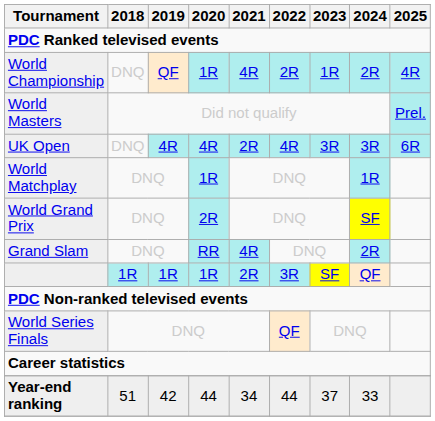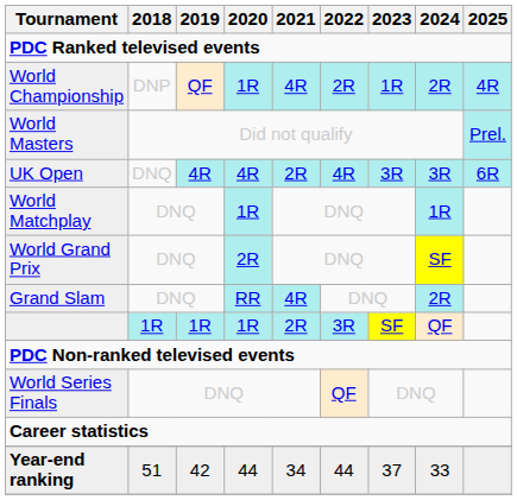 <table class="wikitable" style="width:20%; margin:0">
 <tr>
 <th>Tournament</th>
 <th>2018</th>
 <th>2019</th>
 <th>2020</th>
 <th>2021</th>
 <th>2022</th>
 <th>2023</th>
 <th>2024</th>
 <th>2025</th>
 </tr>
 <tr>
 <td colspan="32" align="left"><strong><a href='#'>PDC</a> Ranked televised events</strong></td>
 </tr>
 <tr>
 <td style="background:#efefef;"><a href='#'>World Championship</a></td>
-<td style="text-align:center; color:#ccc;">DNQ</td>
+<td style="text-align:center; color:#ccc;">DNP</td>
 <td style="text-align:center; background:#ffebcd;"><a href='#'>QF</a></td>
 <td style="text-align:center; background:#afeeee;"><a href='#'>1R</a></td>
 <td style="text-align:center; background:#afeeee;"><a href='#'>4R</a></td>
 <td style="text-align:center; background:#afeeee;"><a href='#'>2R</a></td>
 <td style="text-align:center; background:#afeeee;"><a href='#'>1R</a></td>
 <td style="text-align:center; background:#afeeee;"><a href='#'>2R</a></td>
 <td style="text-align:center; background:#afeeee;"><a href='#'>4R</a></td>
 </tr>
 <tr>
 <td style="background:#efefef;"><a href='#'>World Masters</a></td>
 <td colspan="7" style="text-align:center; color:#ccc;">Did not qualify</td>
 <td style="text-align:center; background:#afeeee;"><a href='#'>Prel.</a></td>
 </tr>
 <tr>
 <td style="background:#efefef;"><a href='#'>UK Open</a></td>
 <td style="text-align:center; color:#ccc;">DNQ</td>
 <td style="text-align:center; background:#afeeee;"><a href='#'>4R</a></td>
 <td style="text-align:center; background:#afeeee;"><a href='#'>4R</a></td>
 <td style="text-align:center; background:#afeeee;"><a href='#'>2R</a></td>
 <td style="text-align:center; background:#afeeee;"><a href='#'>4R</a></td>
 <td style="text-align:center; background:#afeeee;"><a href='#'>3R</a></td>
 <td style="text-align:center; background:#afeeee;"><a href='#'>3R</a></td>
 <td style="text-align:center;background:#afeeee;"><a href='#'>6R</a></td>
 </tr>
 <tr>
 <td style="background:#efefef;"><a href='#'>World Matchplay</a></td>
 <td colspan="2" style="text-align:center; color:#ccc;">DNQ</td>
 <td style="text-align:center; background:#afeeee;"><a href='#'>1R</a></td>
 <td colspan=3; style="text-align:center; color:#ccc;">DNQ</td>
 <td style="text-align:center; background:#afeeee;"><a href='#'>1R</a></td>
 <td></td>
 </tr>
 <tr>
 <td style="background:#efefef;"><a href='#'>World Grand Prix</a></td>
 <td colspan="2" style="text-align:center; color:#ccc;">DNQ</td>
 <td style="text-align:center; background:#afeeee;"><a href='#'>2R</a></td>
 <td colspan=3; style="text-align:center; color:#ccc;">DNQ</td>
 <td style="text-align:center; background:yellow;"><a href='#'>SF</a></td>
 <td></td>
 </tr>
 <tr>
 <td style="background:#efefef;"><a href='#'>Grand Slam</a></td>
 <td colspan="2" style="text-align:center; color:#ccc;">DNQ</td>
 <td style="text-align:center; background:#afeeee;"><a href='#'>RR</a></td>
 <td style="text-align:center; background:#afeeee;"><a href='#'>4R</a></td>
 <td colspan="2" style="text-align:center; color:#ccc;">DNQ</td>
 <td style="text-align:center; background:#afeeee;"><a href='#'>2R</a></td>
 <td></td>
 </tr>
 <tr>
 <td style="background:#efefef;"></td>
 <td style="text-align:center; background:#afeeee;"><a href='#'>1R</a></td>
 <td style="text-align:center; background:#afeeee;"><a href='#'>1R</a></td>
 <td style="text-align:center; background:#afeeee;"><a href='#'>1R</a></td>
 <td style="text-align:center; background:#afeeee;"><a href='#'>2R</a></td>
 <td style="text-align:center; background:#afeeee;"><a href='#'>3R</a></td>
 <td style="text-align:center; background:yellow;"><a href='#'>SF</a></td>
 <td style="text-align:center; background:#ffebcd;"><a href='#'>QF</a></td>
 <td></td>
 </tr>
 <tr>
 <td colspan="18" align="left"><strong><a href='#'>PDC</a> Non-ranked televised events</strong></td>
 </tr>
 <tr>
 <td style="background:#efefef;"><a href='#'>World Series Finals</a></td>
 <td colspan="4" style="text-align:center; color:#ccc;">DNQ</td>
 <td style="text-align:center; background:#ffebcd;"><a href='#'>QF</a></td>
 <td colspan="2" style="text-align:center; color:#ccc;">DNQ</td>
 </tr>
 <tr>
 <td colspan="14" align="left"><strong>Career statistics</strong></td>
 </tr>
 <tr>
 </tr>
 <tr bgcolor="efefef">
 <td align="left"><strong>Year-end ranking</strong></td>
 <td style="text-align:center;">51</td>
 <td style="text-align:center;">42</td>
 <td style="text-align:center;">44</td>
 <td style="text-align:center;">34</td>
 <td style="text-align:center;">44</td>
 <td style="text-align:center;">37</td>
 <td style="text-align:center;">33</td>
 <td></td>
 </tr>
 <tr>
 </tr>
 </table>
